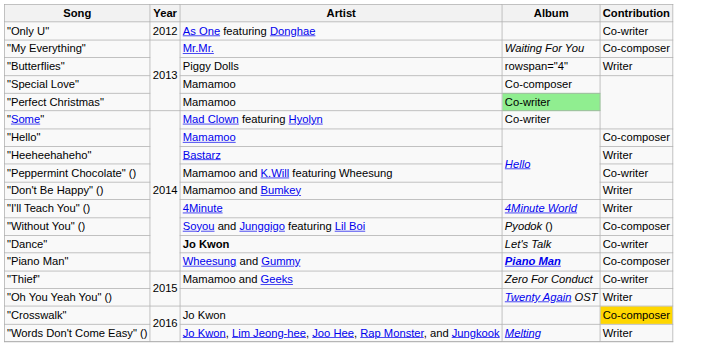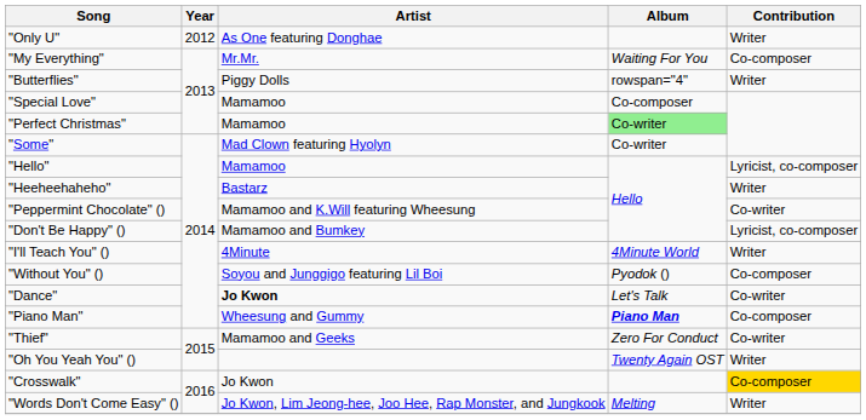 <table class="wikitable plainrowheaders">
 <tr>
 <th scope="col">Song</th>
 <th scope="col">Year</th>
 <th scope="col">Artist</th>
 <th scope="col">Album</th>
 <th scope="col">Contribution</th>
 </tr>
 <tr>
 <td>"Only U"</td>
 <td rowspan="1">2012</td>
 <td rowspan="1"><a href='#'>As One</a> featuring <a href='#'>Donghae</a></td>
 <td></td>
-<td rowspan="1">Co-writer</td>
+<td rowspan="1">Writer</td>
 </tr>
 <tr>
 <td>"My Everything"</td>
 <td rowspan="4">2013</td>
 <td rowspan="1"><a href='#'>Mr.Mr.</a></td>
 <td><em>Waiting For You</em></td>
 <td rowspan="1">Co-composer</td>
 </tr>
 <tr>
 <td>"Butterflies"</td>
 <td rowspan="1">Piggy Dolls</td>
 <td>rowspan="4" </td>
 <td rowspan="1">Writer</td>
 </tr>
 <tr>
 <td>"Special Love"</td>
 <td rowspan="1">Mamamoo</td>
 <td rowspan="1">Co-composer</td>
 </tr>
 <tr>
 <td>"Perfect Christmas"</td>
 <td rowspan="1">Mamamoo</td>
 <td rowspan="1" style="background: lightgreen;">Co-writer</td>
 </tr>
 <tr>
 <td>"<a href='#'>Some</a>"</td>
 <td rowspan="9">2014</td>
 <td rowspan="1"><a href='#'>Mad Clown</a> featuring <a href='#'>Hyolyn</a></td>
 <td rowspan="1">Co-writer</td>
 </tr>
 <tr>
 <td>"Hello"</td>
 <td rowspan="1"><a href='#'>Mamamoo</a></td>
 <td rowspan="4"><em><a href='#'>Hello</a></em></td>
-<td rowspan="1">Co-composer</td>
+<td rowspan="1">Lyricist, co-composer</td>
 </tr>
 <tr>
 <td>"Heeheehaheho"</td>
 <td rowspan="1"><a href='#'>Bastarz</a></td>
 <td rowspan="1">Writer</td>
 </tr>
 <tr>
 <td>"Peppermint Chocolate" ()</td>
 <td rowspan="1">Mamamoo and <a href='#'>K.Will</a> featuring Wheesung</td>
 <td rowspan="1">Co-writer</td>
 </tr>
 <tr>
 <td>"Don't Be Happy" ()</td>
 <td rowspan="1">Mamamoo and <a href='#'>Bumkey</a></td>
-<td rowspan="1">Writer</td>
+<td rowspan="1">Lyricist, co-composer</td>
 </tr>
 <tr>
 <td>"I'll Teach You" ()</td>
 <td rowspan="1"><a href='#'>4Minute</a></td>
 <td rowspan="1"><em><a href='#'>4Minute World</a></em></td>
 <td rowspan="1">Writer</td>
 </tr>
 <tr>
 <td>"Without You" ()</td>
 <td rowspan="1"><a href='#'>Soyou</a> and <a href='#'>Junggigo</a> featuring <a href='#'>Lil Boi</a></td>
 <td rowspan="1"><em>Pyodok</em> ()</td>
 <td rowspan="1">Co-composer</td>
 </tr>
 <tr>
 <td>"Dance"</td>
 <td rowspan="1"><strong>Jo Kwon</strong></td>
 <td rowspan="1"><em>Let's Talk</em></td>
 <td rowspan="1">Co-writer</td>
 </tr>
 <tr>
 <td>"Piano Man"</td>
 <td rowspan="1"><a href='#'>Wheesung</a> and <a href='#'>Gummy</a></td>
 <td rowspan="1"><strong><em><a href='#'>Piano Man</a></em></strong></td>
 <td rowspan="1">Co-composer</td>
 </tr>
 <tr>
 <td>"Thief"</td>
 <td rowspan="2">2015</td>
 <td rowspan="1">Mamamoo and <a href='#'>Geeks</a></td>
 <td><em>Zero For Conduct</em></td>
 <td rowspan="1">Co-writer</td>
 </tr>
 <tr>
 <td>"Oh You Yeah You" ()</td>
 <td rowspan="1"></td>
 <td><em><a href='#'>Twenty Again</a> OST</em></td>
 <td rowspan="1">Writer</td>
 </tr>
 <tr>
 <td>"Crosswalk"</td>
 <td rowspan="2">2016</td>
 <td rowspan="1">Jo Kwon</td>
 <td></td>
 <td rowspan="1" style="background: gold;">Co-composer</td>
 </tr>
 <tr>
 <td>"Words Don't Come Easy" ()</td>
 <td rowspan="1"><a href='#'>Jo Kwon</a>, <a href='#'>Lim Jeong-hee</a>, <a href='#'>Joo Hee</a>, <a href='#'>Rap Monster</a>, and <a href='#'>Jungkook</a></td>
 <td rowspan="1"><em><a href='#'>Melting</a></em></td>
 <td rowspan="1">Writer</td>
 </tr>
 <tr>
 </tr>
 </table>
